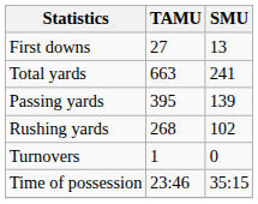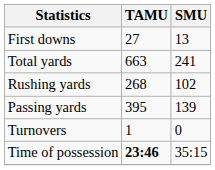 <table class="wikitable">
 <tr>
 <th>Statistics</th>
 <th>TAMU</th>
 <th>SMU</th>
 </tr>
 <tr>
 <td>First downs</td>
 <td>27</td>
 <td>13</td>
 </tr>
 <tr>
 <td>Total yards</td>
 <td>663</td>
 <td>241</td>
 </tr>
 <tr>
+<td>Rushing yards</td>
+<td>268</td>
+<td>102</td>
+</tr>
+<tr>
 <td>Passing yards</td>
 <td>395</td>
 <td>139</td>
-</tr>
-<tr>
-<td>Rushing yards</td>
-<td>268</td>
-<td>102</td>
 </tr>
 <tr>
 <td>Turnovers</td>
 <td>1</td>
 <td>0</td>
 </tr>
 <tr>
 <td>Time of possession</td>
-<td>23:46</td>
+<td><strong>23:46</strong></td>
 <td>35:15</td>
 </tr>
 <tr>
 </tr>
 </table>
